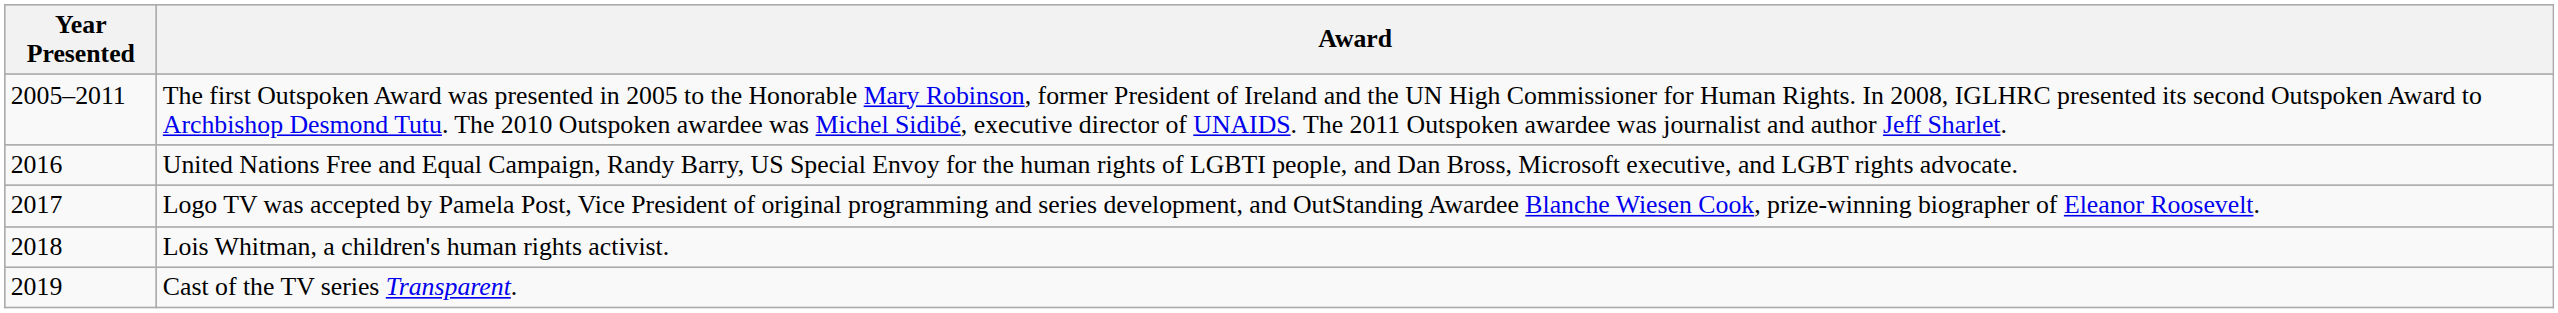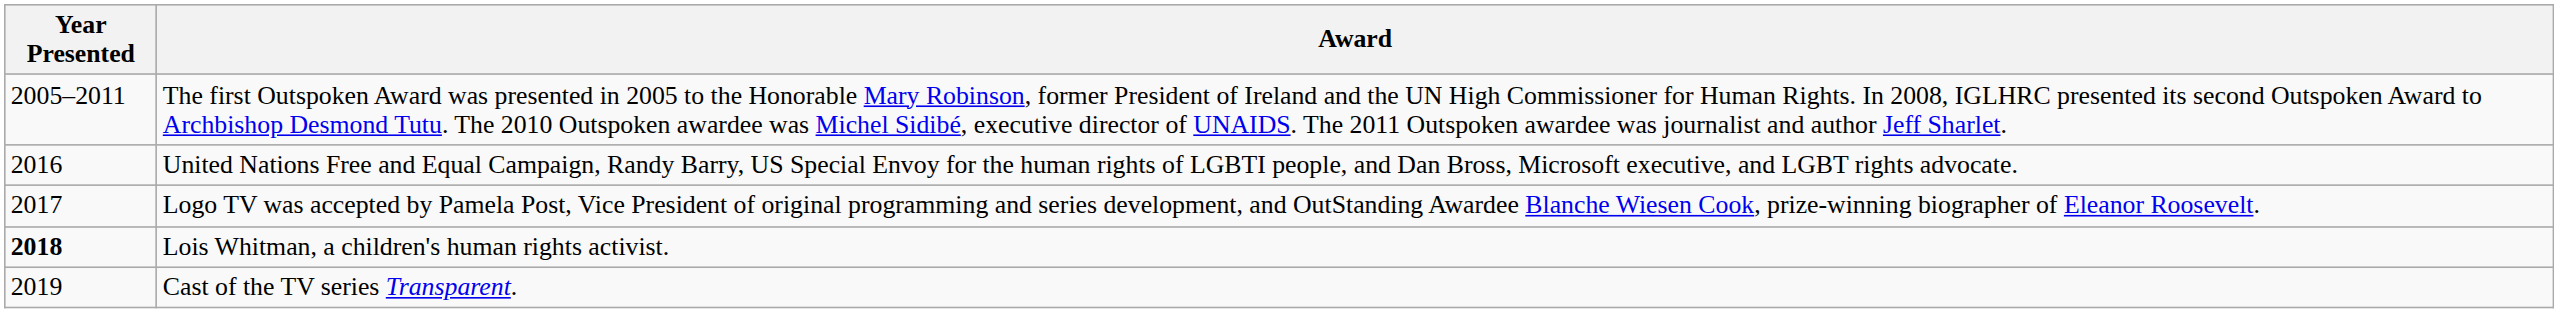 <table style="width:100%" class="wikitable" |>
 <tr>
 <th valign="top">Year Presented</th>
 <th>Award</th>
 </tr>
 <tr>
 <td valign="top">2005–2011</td>
 <td>The first Outspoken Award was presented in 2005 to the Honorable <a href='#'>Mary Robinson</a>, former President of Ireland and the UN High Commissioner for Human Rights. In 2008, IGLHRC presented its second Outspoken Award to <a href='#'>Archbishop Desmond Tutu</a>. The 2010 Outspoken awardee was <a href='#'>Michel Sidibé</a>, executive director of <a href='#'>UNAIDS</a>. The 2011 Outspoken awardee was journalist and author <a href='#'>Jeff Sharlet</a>.</td>
 </tr>
 <tr>
 <td valign="top">2016</td>
 <td>United Nations Free and Equal Campaign, Randy Barry, US Special Envoy for the human rights of LGBTI people, and Dan Bross, Microsoft executive, and LGBT rights advocate.</td>
 </tr>
 <tr>
 <td valign="top">2017</td>
 <td>Logo TV was accepted by Pamela Post, Vice President of original programming and series development, and OutStanding Awardee <a href='#'>Blanche Wiesen Cook</a>, prize-winning biographer of <a href='#'>Eleanor Roosevelt</a>.</td>
 </tr>
 <tr>
-<td valign="top">2018</td>
+<td valign="top"><strong>2018</strong></td>
 <td>Lois Whitman, a children's human rights activist.</td>
 </tr>
 <tr>
 <td valign="top">2019</td>
 <td>Cast of the TV series <a href='#'><em>Transparent</em></a>.</td>
 </tr>
 </table>
